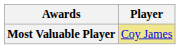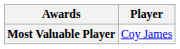 <table class="wikitable" style="font-size:90%;">
 <tr>
 <th>Awards</th>
 <th>Player</th>
 </tr>
 <tr>
 <th>Most Valuable Player</th>
-<td style="background: khaki;"> <a href='#'>Coy James</a></td>
+<td> <a href='#'>Coy James</a></td>
 </tr>
 </table>
